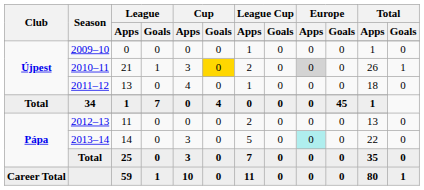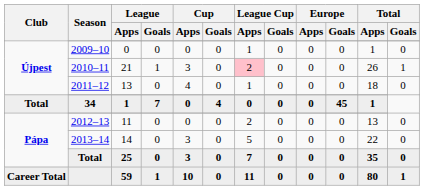 <table class="wikitable" style="font-size:90%; text-align: center;">
 <tr>
 <th rowspan="2">Club</th>
 <th rowspan="2">Season</th>
 <th colspan="2">League</th>
 <th colspan="2">Cup</th>
 <th colspan="2">League Cup</th>
 <th colspan="2">Europe</th>
 <th colspan="2">Total</th>
 </tr>
 <tr>
 <th>Apps</th>
 <th>Goals</th>
 <th>Apps</th>
 <th>Goals</th>
 <th>Apps</th>
 <th>Goals</th>
 <th>Apps</th>
 <th>Goals</th>
 <th>Apps</th>
 <th>Goals</th>
 </tr>
 <tr ||-||-||-|->
 <td rowspan="5" valign="center"><strong><a href='#'>Újpest</a></strong></td>
 </tr>
 <tr>
 <td><a href='#'>2009–10</a></td>
 <td>0</td>
 <td>0</td>
 <td>0</td>
 <td>0</td>
 <td>1</td>
 <td>0</td>
 <td>0</td>
 <td>0</td>
 <td>1</td>
 <td>0</td>
 </tr>
 <tr>
 <td><a href='#'>2010–11</a></td>
 <td>21</td>
 <td>1</td>
 <td>3</td>
-<td style="background: gold;">0</td>
-<td>2</td>
 <td>0</td>
-<td style="background: lightgrey;">0</td>
+<td style="background: pink;">2</td>
+<td>0</td>
+<td>0</td>
 <td>0</td>
 <td>26</td>
 <td>1</td>
 </tr>
 <tr>
 <td><a href='#'>2011–12</a></td>
 <td>13</td>
 <td>0</td>
 <td>4</td>
 <td>0</td>
 <td>1</td>
 <td>0</td>
 <td>0</td>
 <td>0</td>
 <td>18</td>
 <td>0</td>
 </tr>
 <tr>
 </tr>
 <tr style="font-weight:bold; background-color:#eeeeee;">
 <td>Total</td>
 <td>34</td>
 <td>1</td>
 <td>7</td>
 <td>0</td>
 <td>4</td>
 <td>0</td>
 <td>0</td>
 <td>0</td>
 <td>45</td>
 <td>1</td>
 </tr>
 <tr>
 <td rowspan="4" valign="center"><strong><a href='#'>Pápa</a></strong></td>
 </tr>
 <tr>
 <td><a href='#'>2012–13</a></td>
 <td>11</td>
 <td>0</td>
 <td>0</td>
 <td>0</td>
 <td>2</td>
 <td>0</td>
 <td>0</td>
 <td>0</td>
 <td>13</td>
 <td>0</td>
 </tr>
 <tr>
 <td><a href='#'>2013–14</a></td>
 <td>14</td>
 <td>0</td>
 <td>3</td>
 <td>0</td>
 <td>5</td>
 <td>0</td>
-<td style="background: paleturquoise;">0</td>
+<td>0</td>
 <td>0</td>
 <td>22</td>
 <td>0</td>
 </tr>
 <tr style="font-weight:bold; background-color:#eeeeee;">
 <td>Total</td>
 <td>25</td>
 <td>0</td>
 <td>3</td>
 <td>0</td>
 <td>7</td>
 <td>0</td>
 <td>0</td>
 <td>0</td>
 <td>35</td>
 <td>0</td>
 </tr>
 <tr style="font-weight:bold; background-color:#eeeeee;">
 <td rowspan="2" valign="top"><strong>Career Total</strong></td>
 <td></td>
 <td><strong>59</strong></td>
 <td><strong>1</strong></td>
 <td><strong>10</strong></td>
 <td><strong>0</strong></td>
 <td><strong>11</strong></td>
 <td><strong>0</strong></td>
 <td><strong>0</strong></td>
 <td><strong>0</strong></td>
 <td><strong>80</strong></td>
 <td><strong>1</strong></td>
 </tr>
 </table>
